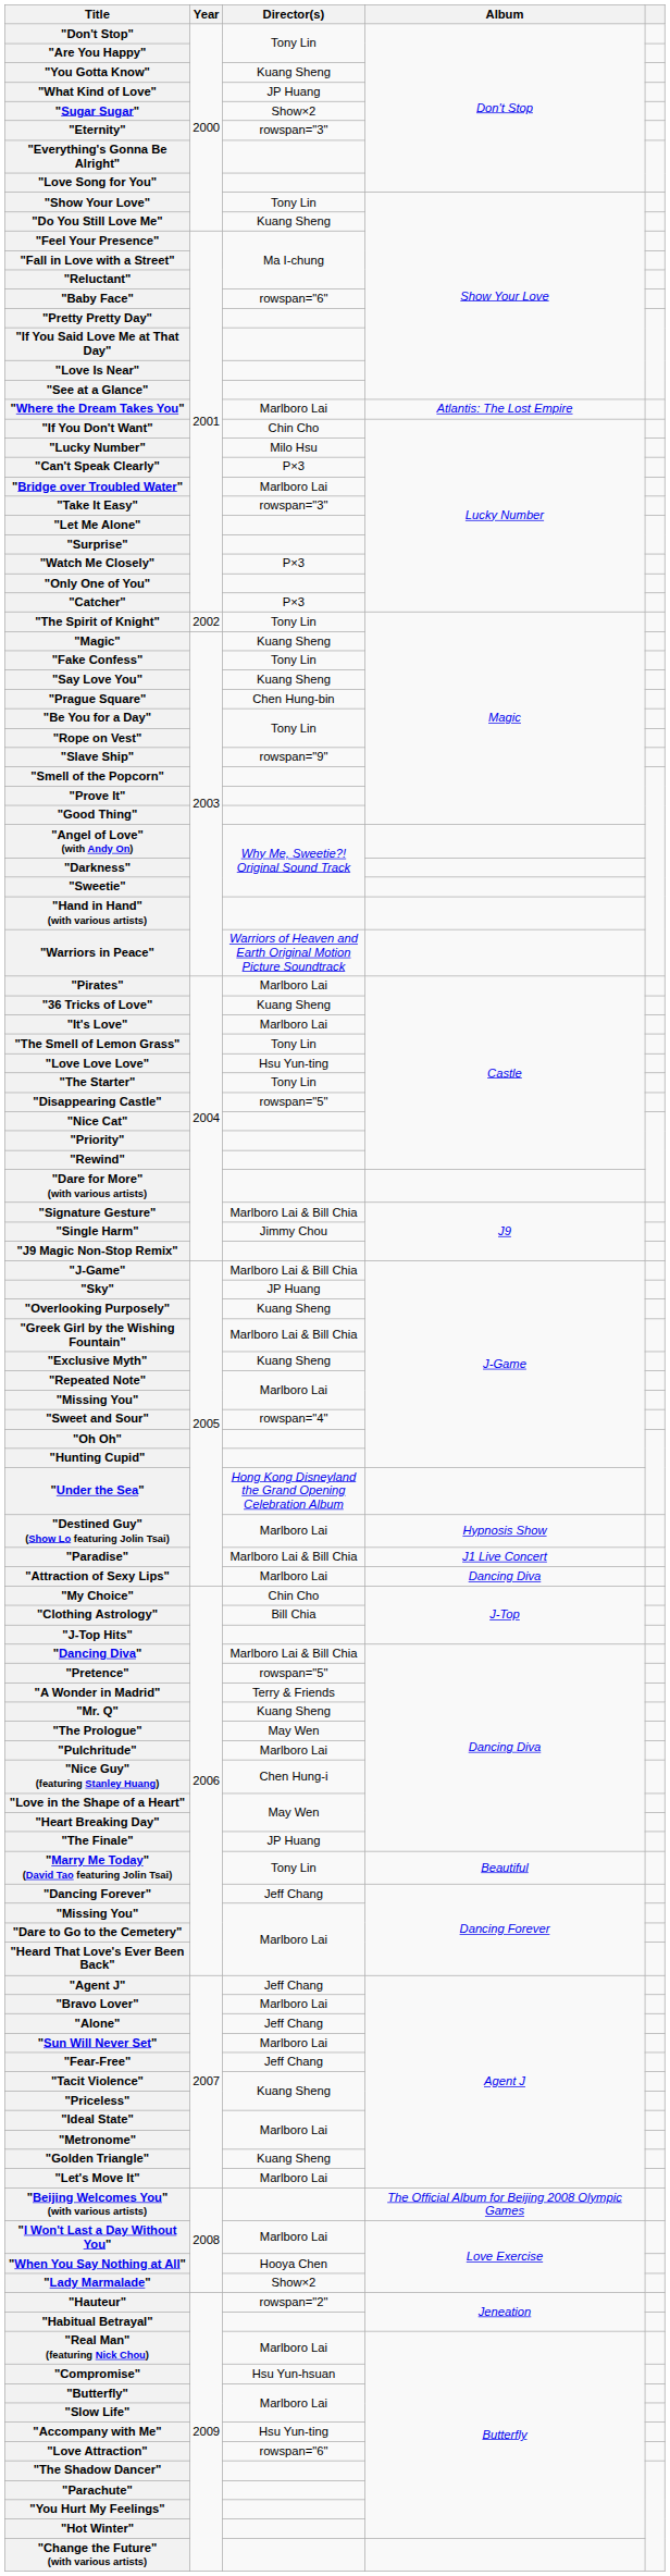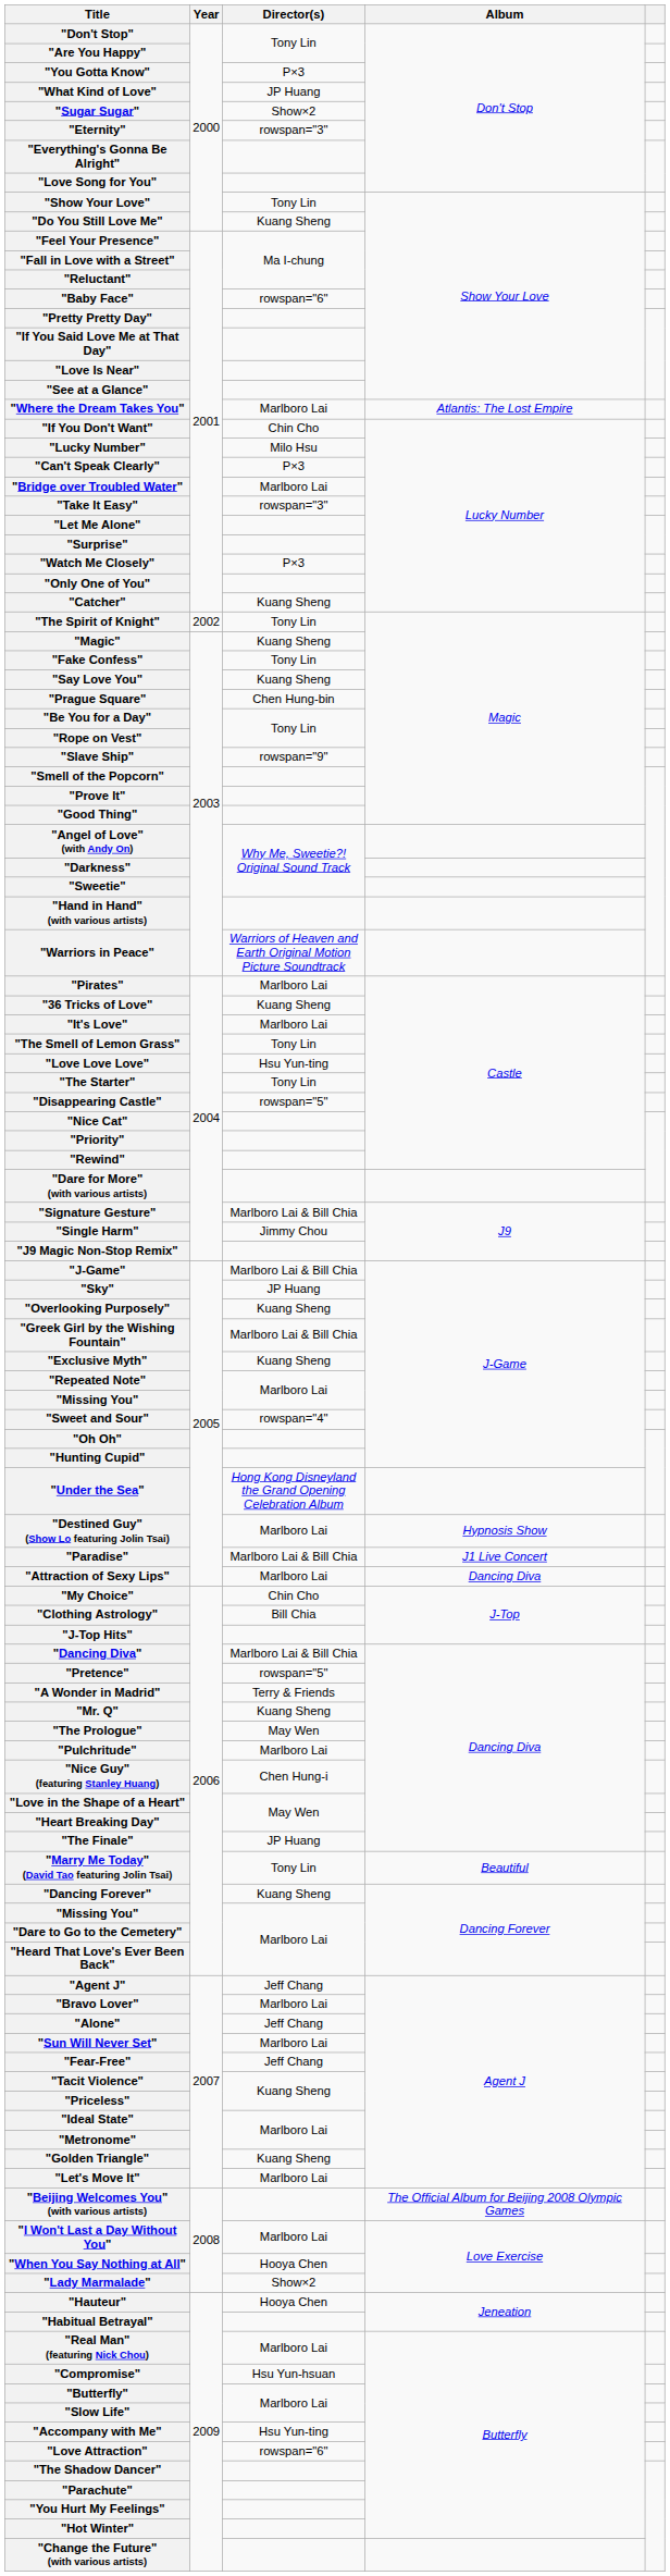 <table class="wikitable sortable plainrowheaders" style="text-align:center;">
 <tr>
 <th scope="col" style="width:20em;">Title</th>
 <th scope="col" style="width:2em;">Year</th>
 <th scope="col" style="width:15em;">Director(s)</th>
 <th scope="col" style="width:35em;">Album</th>
 <th scope="col" style="width:2em;" class="unsortable"></th>
 </tr>
 <tr>
 <th scope="row">"Don't Stop"</th>
 <td rowspan="10">2000</td>
 <td rowspan="2">Tony Lin</td>
 <td rowspan="8"><em><a href='#'>Don't Stop</a></em></td>
 <td></td>
 </tr>
 <tr>
 <th scope="row">"Are You Happy"</th>
 <td></td>
 </tr>
 <tr>
 <th scope="row">"You Gotta Know"</th>
-<td>Kuang Sheng</td>
+<td>P×3</td>
 <td></td>
 </tr>
 <tr>
 <th scope="row">"What Kind of Love"</th>
 <td>JP Huang</td>
 <td></td>
 </tr>
 <tr>
 <th scope="row">"<a href='#'>Sugar Sugar</a>"</th>
 <td>Show×2</td>
 <td></td>
 </tr>
 <tr>
 <th scope="row">"Eternity"</th>
 <td>rowspan="3" </td>
 <td></td>
 </tr>
 <tr>
 <th scope="row">"Everything's Gonna Be Alright"</th>
 <td></td>
 </tr>
 <tr>
 <th scope="row">"Love Song for You"</th>
 <td></td>
 </tr>
 <tr>
 <th scope="row">"Show Your Love"</th>
 <td>Tony Lin</td>
 <td rowspan="10"><em><a href='#'>Show Your Love</a></em></td>
 <td></td>
 </tr>
 <tr>
 <th scope="row">"Do You Still Love Me"</th>
 <td>Kuang Sheng</td>
 <td></td>
 </tr>
 <tr>
 <th scope="row">"Feel Your Presence"</th>
 <td rowspan="19">2001</td>
 <td rowspan="3">Ma I-chung</td>
 <td></td>
 </tr>
 <tr>
 <th scope="row">"Fall in Love with a Street"</th>
 <td></td>
 </tr>
 <tr>
 <th scope="row">"Reluctant"</th>
 <td></td>
 </tr>
 <tr>
 <th scope="row">"Baby Face"</th>
 <td>rowspan="6" </td>
 <td></td>
 </tr>
 <tr>
 <th scope="row">"Pretty Pretty Day"</th>
 <td></td>
 </tr>
 <tr>
 <th scope="row">"If You Said Love Me at That Day"</th>
 <td></td>
 </tr>
 <tr>
 <th scope="row">"Love Is Near"</th>
 <td></td>
 </tr>
 <tr>
 <th scope="row">"See at a Glance"</th>
 <td></td>
 </tr>
 <tr>
 <th scope="row">"<a href='#'>Where the Dream Takes You</a>"</th>
 <td>Marlboro Lai</td>
 <td><em><a href='#'>Atlantis: The Lost Empire</a></em></td>
 <td></td>
 </tr>
 <tr>
 <th scope="row">"If You Don't Want"</th>
 <td>Chin Cho</td>
 <td rowspan="10"><em><a href='#'>Lucky Number</a></em></td>
 <td></td>
 </tr>
 <tr>
 <th scope="row">"Lucky Number"</th>
 <td>Milo Hsu</td>
 <td></td>
 </tr>
 <tr>
 <th scope="row">"Can't Speak Clearly"</th>
 <td>P×3</td>
 <td></td>
 </tr>
 <tr>
 <th scope="row">"<a href='#'>Bridge over Troubled Water</a>"</th>
 <td>Marlboro Lai</td>
 <td></td>
 </tr>
 <tr>
 <th scope="row">"Take It Easy"</th>
 <td>rowspan="3" </td>
 <td></td>
 </tr>
 <tr>
 <th scope="row">"Let Me Alone"</th>
 <td></td>
 </tr>
 <tr>
 <th scope="row">"Surprise"</th>
 <td></td>
 </tr>
 <tr>
 <th scope="row">"Watch Me Closely"</th>
 <td>P×3</td>
 <td></td>
 </tr>
 <tr>
 <th scope="row">"Only One of You"</th>
 <td></td>
 <td></td>
 </tr>
 <tr>
 <th scope="row">"Catcher"</th>
-<td>P×3</td>
+<td>Kuang Sheng</td>
 <td></td>
 </tr>
 <tr>
 <th scope="row">"The Spirit of Knight"</th>
 <td>2002</td>
 <td>Tony Lin</td>
 <td rowspan="11"><em><a href='#'>Magic</a></em></td>
 <td></td>
 </tr>
 <tr>
 <th scope="row">"Magic"</th>
 <td rowspan="15">2003</td>
 <td>Kuang Sheng</td>
 <td></td>
 </tr>
 <tr>
 <th scope="row">"Fake Confess"</th>
 <td>Tony Lin</td>
 <td></td>
 </tr>
 <tr>
 <th scope="row">"Say Love You"</th>
 <td>Kuang Sheng</td>
 <td></td>
 </tr>
 <tr>
 <th scope="row">"Prague Square"</th>
 <td>Chen Hung-bin</td>
 <td></td>
 </tr>
 <tr>
 <th scope="row">"Be You for a Day"</th>
 <td rowspan="2">Tony Lin</td>
 <td></td>
 </tr>
 <tr>
 <th scope="row">"Rope on Vest"</th>
 <td></td>
 </tr>
 <tr>
 <th scope="row">"Slave Ship"</th>
 <td>rowspan="9" </td>
 <td></td>
 </tr>
 <tr>
 <th scope="row">"Smell of the Popcorn"</th>
 <td></td>
 </tr>
 <tr>
 <th scope="row">"Prove It"</th>
 <td></td>
 </tr>
 <tr>
 <th scope="row">"Good Thing"</th>
 <td></td>
 </tr>
 <tr>
 <th scope="row">"Angel of Love"<br><small>(with <a href='#'>Andy On</a>)</small></th>
 <td rowspan="3"><em><a href='#'>Why Me, Sweetie?! Original Sound Track</a></em></td>
 <td></td>
 </tr>
 <tr>
 <th scope="row">"Darkness"</th>
 <td></td>
 </tr>
 <tr>
 <th scope="row">"Sweetie"</th>
 <td></td>
 </tr>
 <tr>
 <th scope="row">"Hand in Hand"<br><small>(with various artists)</small></th>
 <td></td>
 <td></td>
 </tr>
 <tr>
 <th scope="row">"Warriors in Peace"</th>
 <td><em><a href='#'>Warriors of Heaven and Earth Original Motion Picture Soundtrack</a></em></td>
 <td></td>
 </tr>
 <tr>
 <th scope="row">"Pirates"</th>
 <td rowspan="14">2004</td>
 <td>Marlboro Lai</td>
 <td rowspan="10"><em><a href='#'>Castle</a></em></td>
 <td></td>
 </tr>
 <tr>
 <th scope="row">"36 Tricks of Love"</th>
 <td>Kuang Sheng</td>
 <td></td>
 </tr>
 <tr>
 <th scope="row">"It's Love"</th>
 <td>Marlboro Lai</td>
 <td></td>
 </tr>
 <tr>
 <th scope="row">"The Smell of Lemon Grass"</th>
 <td>Tony Lin</td>
 <td></td>
 </tr>
 <tr>
 <th scope="row">"Love Love Love"</th>
 <td>Hsu Yun-ting</td>
 <td></td>
 </tr>
 <tr>
 <th scope="row">"The Starter"</th>
 <td>Tony Lin</td>
 <td></td>
 </tr>
 <tr>
 <th scope="row">"Disappearing Castle"</th>
 <td>rowspan="5" </td>
 <td></td>
 </tr>
 <tr>
 <th scope="row">"Nice Cat"</th>
 <td></td>
 </tr>
 <tr>
 <th scope="row">"Priority"</th>
 <td></td>
 </tr>
 <tr>
 <th scope="row">"Rewind"</th>
 <td></td>
 </tr>
 <tr>
 <th scope="row">"Dare for More"<br><small>(with various artists)</small></th>
 <td></td>
 <td></td>
 </tr>
 <tr>
 <th scope="row">"Signature Gesture"</th>
 <td>Marlboro Lai & Bill Chia</td>
 <td rowspan="3"><em><a href='#'>J9</a></em></td>
 <td></td>
 </tr>
 <tr>
 <th scope="row">"Single Harm"</th>
 <td>Jimmy Chou</td>
 <td></td>
 </tr>
 <tr>
 <th scope="row">"J9 Magic Non-Stop Remix"</th>
 <td></td>
 <td></td>
 </tr>
 <tr>
 <th scope="row">"J-Game"</th>
 <td rowspan="14">2005</td>
 <td>Marlboro Lai & Bill Chia</td>
 <td rowspan="10"><em><a href='#'>J-Game</a></em></td>
 <td></td>
 </tr>
 <tr>
 <th scope="row">"Sky"</th>
 <td>JP Huang</td>
 <td></td>
 </tr>
 <tr>
 <th scope="row">"Overlooking Purposely"</th>
 <td>Kuang Sheng</td>
 <td></td>
 </tr>
 <tr>
 <th scope="row">"Greek Girl by the Wishing Fountain"</th>
 <td>Marlboro Lai & Bill Chia</td>
 <td></td>
 </tr>
 <tr>
 <th scope="row">"Exclusive Myth"</th>
 <td>Kuang Sheng</td>
 <td></td>
 </tr>
 <tr>
 <th scope="row">"Repeated Note"</th>
 <td rowspan="2">Marlboro Lai</td>
 <td></td>
 </tr>
 <tr>
 <th scope="row">"Missing You"</th>
 <td></td>
 </tr>
 <tr>
 <th scope="row">"Sweet and Sour"</th>
 <td>rowspan="4" </td>
 <td></td>
 </tr>
 <tr>
 <th scope="row">"Oh Oh"</th>
 <td></td>
 </tr>
 <tr>
 <th scope="row">"Hunting Cupid"</th>
 <td></td>
 </tr>
 <tr>
 <th scope="row">"<a href='#'>Under the Sea</a>"</th>
 <td><em><a href='#'>Hong Kong Disneyland the Grand Opening Celebration Album</a></em></td>
 <td></td>
 </tr>
 <tr>
 <th scope="row">"Destined Guy"<br><small>(<a href='#'>Show Lo</a> featuring Jolin Tsai)</small></th>
 <td>Marlboro Lai</td>
 <td><em><a href='#'>Hypnosis Show</a></em></td>
 <td></td>
 </tr>
 <tr>
 <th scope="row">"Paradise"</th>
 <td>Marlboro Lai & Bill Chia</td>
 <td><em><a href='#'>J1 Live Concert</a></em></td>
 <td></td>
 </tr>
 <tr>
 <th scope="row">"Attraction of Sexy Lips"</th>
 <td>Marlboro Lai</td>
 <td><em><a href='#'>Dancing Diva</a></em></td>
 <td></td>
 </tr>
 <tr>
 <th scope="row">"My Choice"</th>
 <td rowspan="18">2006</td>
 <td>Chin Cho</td>
 <td rowspan="3"><em><a href='#'>J-Top</a></em></td>
 <td></td>
 </tr>
 <tr>
 <th scope="row">"Clothing Astrology"</th>
 <td>Bill Chia</td>
 <td></td>
 </tr>
 <tr>
 <th scope="row">"J-Top Hits"</th>
 <td></td>
 <td></td>
 </tr>
 <tr>
 <th scope="row">"<a href='#'>Dancing Diva</a>"</th>
 <td>Marlboro Lai & Bill Chia</td>
 <td rowspan="10"><em><a href='#'>Dancing Diva</a></em></td>
 <td></td>
 </tr>
 <tr>
 <th scope="row">"Pretence"</th>
 <td>rowspan="5" </td>
 <td></td>
 </tr>
 <tr>
 <th scope="row">"A Wonder in Madrid"</th>
 <td>Terry & Friends</td>
 <td></td>
 </tr>
 <tr>
 <th scope="row">"Mr. Q"</th>
 <td>Kuang Sheng</td>
 <td></td>
 </tr>
 <tr>
 <th scope="row">"The Prologue"</th>
 <td>May Wen</td>
 <td></td>
 </tr>
 <tr>
 <th scope="row">"Pulchritude"</th>
 <td>Marlboro Lai</td>
 <td></td>
 </tr>
 <tr>
 <th scope="row">"Nice Guy"<br><small>(featuring <a href='#'>Stanley Huang</a>)</small></th>
 <td>Chen Hung-i</td>
 <td></td>
 </tr>
 <tr>
 <th scope="row">"Love in the Shape of a Heart"</th>
 <td rowspan="2">May Wen</td>
 <td></td>
 </tr>
 <tr>
 <th scope="row">"Heart Breaking Day"</th>
 <td></td>
 </tr>
 <tr>
 <th scope="row">"The Finale"</th>
 <td>JP Huang</td>
 <td></td>
 </tr>
 <tr>
 <th scope="row">"<a href='#'>Marry Me Today</a>"<br><small>(<a href='#'>David Tao</a> featuring Jolin Tsai)</small></th>
 <td>Tony Lin</td>
 <td><em><a href='#'>Beautiful</a></em></td>
 <td></td>
 </tr>
 <tr>
 <th scope="row">"Dancing Forever"</th>
-<td>Jeff Chang</td>
+<td>Kuang Sheng</td>
 <td rowspan="4"><em><a href='#'>Dancing Forever</a></em></td>
 <td></td>
 </tr>
 <tr>
 <th scope="row">"Missing You"</th>
 <td rowspan="3">Marlboro Lai</td>
 <td></td>
 </tr>
 <tr>
 <th scope="row">"Dare to Go to the Cemetery"</th>
 <td></td>
 </tr>
 <tr>
 <th scope="row">"Heard That Love's Ever Been Back"</th>
 <td></td>
 </tr>
 <tr>
 <th scope="row">"Agent J"</th>
 <td rowspan="11">2007</td>
 <td>Jeff Chang</td>
 <td rowspan="11"><em><a href='#'>Agent J</a></em></td>
 <td></td>
 </tr>
 <tr>
 <th scope="row">"Bravo Lover"</th>
 <td>Marlboro Lai</td>
 <td></td>
 </tr>
 <tr>
 <th scope="row">"Alone"</th>
 <td>Jeff Chang</td>
 <td></td>
 </tr>
 <tr>
 <th scope="row">"<a href='#'>Sun Will Never Set</a>"</th>
 <td>Marlboro Lai</td>
 <td></td>
 </tr>
 <tr>
 <th scope="row">"Fear-Free"</th>
 <td>Jeff Chang</td>
 <td></td>
 </tr>
 <tr>
 <th scope="row">"Tacit Violence"</th>
 <td rowspan="2">Kuang Sheng</td>
 <td></td>
 </tr>
 <tr>
 <th scope="row">"Priceless"</th>
 <td></td>
 </tr>
 <tr>
 <th scope="row">"Ideal State"</th>
 <td rowspan="2">Marlboro Lai</td>
 <td></td>
 </tr>
 <tr>
 <th scope="row">"Metronome"</th>
 <td></td>
 </tr>
 <tr>
 <th scope="row">"Golden Triangle"</th>
 <td>Kuang Sheng</td>
 <td></td>
 </tr>
 <tr>
 <th scope="row">"Let's Move It"</th>
 <td>Marlboro Lai</td>
 <td></td>
 </tr>
 <tr>
 <th scope="row">"<a href='#'>Beijing Welcomes You</a>"<br><small>(with various artists)</small></th>
 <td rowspan="4">2008</td>
 <td></td>
 <td><em><a href='#'>The Official Album for Beijing 2008 Olympic Games</a></em></td>
 <td></td>
 </tr>
 <tr>
 <th scope="row">"<a href='#'>I Won't Last a Day Without You</a>"</th>
 <td>Marlboro Lai</td>
 <td rowspan="3"><em><a href='#'>Love Exercise</a></em></td>
 <td></td>
 </tr>
 <tr>
 <th scope="row">"<a href='#'>When You Say Nothing at All</a>"</th>
 <td>Hooya Chen</td>
 <td></td>
 </tr>
 <tr>
 <th scope="row">"<a href='#'>Lady Marmalade</a>"</th>
 <td>Show×2</td>
 <td></td>
 </tr>
 <tr>
 <th scope="row">"Hauteur"</th>
 <td rowspan="13">2009</td>
-<td>rowspan="2" </td>
+<td>Hooya Chen</td>
 <td rowspan="2"><em><a href='#'>Jeneation</a></em></td>
 <td></td>
 </tr>
 <tr>
 <th scope="row">"Habitual Betrayal"</th>
 <td></td>
 </tr>
 <tr>
 <th scope="row">"Real Man"<br><small>(featuring <a href='#'>Nick Chou</a>)</small></th>
 <td>Marlboro Lai</td>
 <td rowspan="10"><em><a href='#'>Butterfly</a></em></td>
 <td></td>
 </tr>
 <tr>
 <th scope="row">"Compromise"</th>
 <td>Hsu Yun-hsuan</td>
 <td></td>
 </tr>
 <tr>
 <th scope="row">"Butterfly"</th>
 <td rowspan="2">Marlboro Lai</td>
 <td></td>
 </tr>
 <tr>
 <th scope="row">"Slow Life"</th>
 <td></td>
 </tr>
 <tr>
 <th scope="row">"Accompany with Me"</th>
 <td>Hsu Yun-ting</td>
 <td></td>
 </tr>
 <tr>
 <th scope="row">"Love Attraction"</th>
 <td>rowspan="6" </td>
 <td></td>
 </tr>
 <tr>
 <th scope="row">"The Shadow Dancer"</th>
 <td></td>
 </tr>
 <tr>
 <th scope="row">"Parachute"</th>
 <td></td>
 </tr>
 <tr>
 <th scope="row">"You Hurt My Feelings"</th>
 <td></td>
 </tr>
 <tr>
 <th scope="row">"Hot Winter"</th>
 <td></td>
 </tr>
 <tr>
 <th scope="row">"Change the Future"<br><small>(with various artists)</small></th>
 <td></td>
 <td></td>
 </tr>
 </table>
